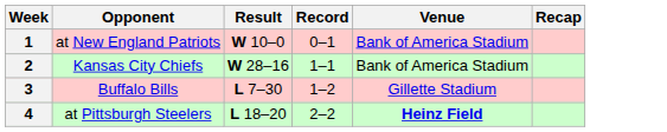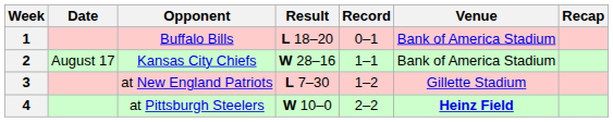 <table class="wikitable" style="text-align:center">
 <tr>
 <th>Week</th>
+<th>Date</th>
 <th>Opponent</th>
 <th>Result</th>
 <th>Record</th>
 <th>Venue</th>
 <th>Recap</th>
 </tr>
 <tr style="background:#fcc">
 <th>1</th>
-<td>at <a href='#'>New England Patriots</a></td>
-<td><strong>W</strong> 10–0</td>
+<td></td>
+<td><a href='#'>Buffalo Bills</a></td>
+<td><strong>L</strong> 18–20</td>
 <td>0–1</td>
 <td><a href='#'>Bank of America Stadium</a></td>
 <td></td>
 </tr>
 <tr style="background:#cfc">
 <th>2</th>
+<td>August 17</td>
 <td><a href='#'>Kansas City Chiefs</a></td>
 <td><strong>W</strong> 28–16</td>
 <td>1–1</td>
 <td>Bank of America Stadium</td>
 <td></td>
 </tr>
 <tr style="background:#fcc">
 <th>3</th>
-<td><a href='#'>Buffalo Bills</a></td>
+<td></td>
+<td>at <a href='#'>New England Patriots</a></td>
 <td><strong>L</strong> 7–30</td>
 <td>1–2</td>
 <td><a href='#'>Gillette Stadium</a></td>
 <td></td>
 </tr>
 <tr style="background:#cfc">
 <th>4</th>
+<td></td>
 <td>at <a href='#'>Pittsburgh Steelers</a></td>
-<td><strong>L</strong> 18–20</td>
+<td><strong>W</strong> 10–0</td>
 <td>2–2</td>
 <td><strong><a href='#'>Heinz Field</a></strong></td>
 <td></td>
 </tr>
 </table>
